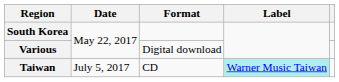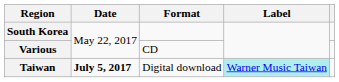 <table class = "wikitable plainrowheaders">
 <tr>
 <th>Region</th>
 <th>Date</th>
 <th>Format</th>
 <th>Label</th>
 <th></th>
 </tr>
 <tr>
 <th scope="row">South Korea</th>
 <td rowspan="2">May 22, 2017</td>
 <td></td>
 <td rowspan="2"></td>
 <td align=center></td>
 </tr>
 <tr>
 <th scope="row">Various</th>
-<td>Digital download</td>
+<td>CD</td>
 <td align=center></td>
 </tr>
 <tr>
 <th scope="row">Taiwan</th>
-<td>July 5, 2017</td>
-<td>CD</td>
+<td><strong>July 5, 2017</strong></td>
+<td>Digital download</td>
 <td style="background: paleturquoise;"><a href='#'>Warner Music Taiwan</a></td>
 <td></td>
 </tr>
 </table>
